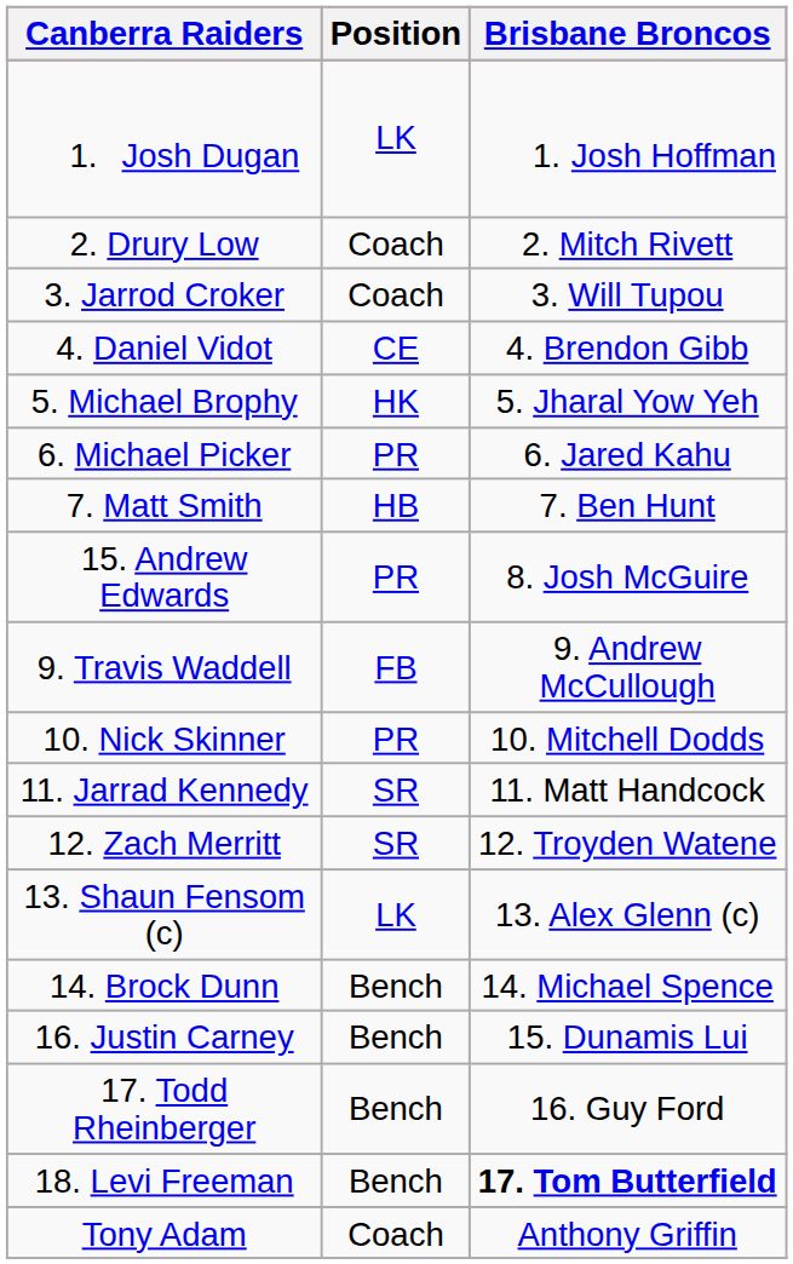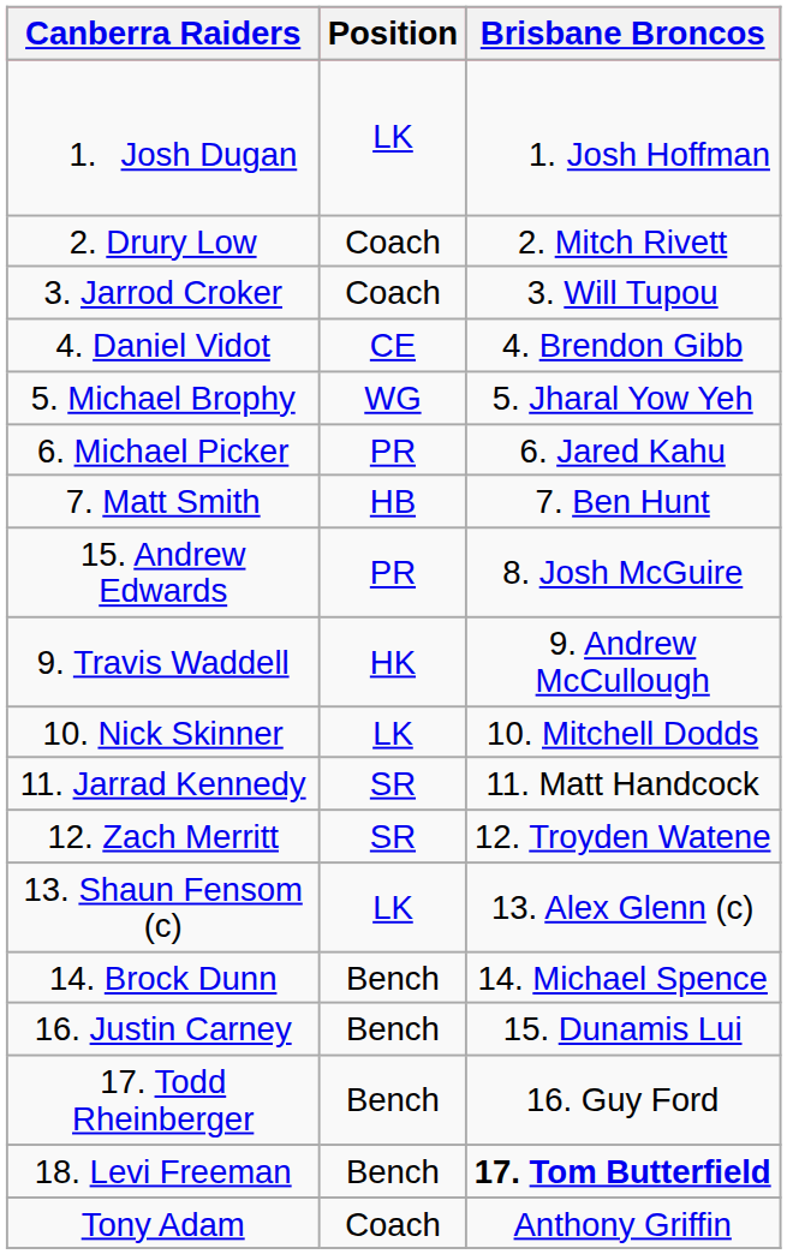 <table align="right" class="wikitable" style="font-size:90%; text-align:center; margin-left:1em">
 <tr bgcolor="#FF0033">
 <th width="130"><a href='#'>Canberra Raiders</a></th>
 <th width="40">Position</th>
 <th width="130"><a href='#'>Brisbane Broncos</a></th>
 </tr>
 <tr>
 <td><br><ol><li><a href='#'>Josh Dugan</a></li></ol></td>
 <td><a href='#'>LK</a></td>
 <td><br><ol><li><a href='#'>Josh Hoffman</a></li></ol></td>
 </tr>
 <tr>
 <td>2. <a href='#'>Drury Low</a></td>
 <td>Coach</td>
 <td>2. <a href='#'>Mitch Rivett</a></td>
 </tr>
 <tr>
 <td>3. <a href='#'>Jarrod Croker</a></td>
 <td>Coach</td>
 <td>3. <a href='#'>Will Tupou</a></td>
 </tr>
 <tr>
 <td>4. <a href='#'>Daniel Vidot</a></td>
 <td><a href='#'>CE</a></td>
 <td>4. <a href='#'>Brendon Gibb</a></td>
 </tr>
 <tr>
 <td>5. <a href='#'>Michael Brophy</a></td>
-<td><a href='#'>HK</a></td>
+<td><a href='#'>WG</a></td>
 <td>5. <a href='#'>Jharal Yow Yeh</a></td>
 </tr>
 <tr>
 <td>6. <a href='#'>Michael Picker</a></td>
 <td><a href='#'>PR</a></td>
 <td>6. <a href='#'>Jared Kahu</a></td>
 </tr>
 <tr>
 <td>7. <a href='#'>Matt Smith</a></td>
 <td><a href='#'>HB</a></td>
 <td>7. <a href='#'>Ben Hunt</a></td>
 </tr>
 <tr>
 <td>15. <a href='#'>Andrew Edwards</a></td>
 <td><a href='#'>PR</a></td>
 <td>8. <a href='#'>Josh McGuire</a></td>
 </tr>
 <tr>
 <td>9. <a href='#'>Travis Waddell</a></td>
-<td><a href='#'>FB</a></td>
+<td><a href='#'>HK</a></td>
 <td>9. <a href='#'>Andrew McCullough</a></td>
 </tr>
 <tr>
 <td>10. <a href='#'>Nick Skinner</a></td>
-<td><a href='#'>PR</a></td>
+<td><a href='#'>LK</a></td>
 <td>10. <a href='#'>Mitchell Dodds</a></td>
 </tr>
 <tr>
 <td>11. <a href='#'>Jarrad Kennedy</a></td>
 <td><a href='#'>SR</a></td>
 <td>11. Matt Handcock</td>
 </tr>
 <tr>
 <td>12. <a href='#'>Zach Merritt</a></td>
 <td><a href='#'>SR</a></td>
 <td>12. <a href='#'>Troyden Watene</a></td>
 </tr>
 <tr>
 <td>13. <a href='#'>Shaun Fensom</a> (c)</td>
 <td><a href='#'>LK</a></td>
 <td>13. <a href='#'>Alex Glenn</a> (c)</td>
 </tr>
 <tr>
 <td>14. <a href='#'>Brock Dunn</a></td>
 <td>Bench</td>
 <td>14. <a href='#'>Michael Spence</a></td>
 </tr>
 <tr>
 <td>16. <a href='#'>Justin Carney</a></td>
 <td>Bench</td>
 <td>15. <a href='#'>Dunamis Lui</a></td>
 </tr>
 <tr>
 <td>17. <a href='#'>Todd Rheinberger</a></td>
 <td>Bench</td>
 <td>16. Guy Ford</td>
 </tr>
 <tr>
 <td>18. <a href='#'>Levi Freeman</a></td>
 <td>Bench</td>
 <td><strong>17. <a href='#'>Tom Butterfield</a></strong></td>
 </tr>
 <tr>
 <td><a href='#'>Tony Adam</a></td>
 <td>Coach</td>
 <td><a href='#'>Anthony Griffin</a></td>
 </tr>
 </table>
